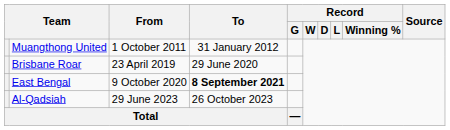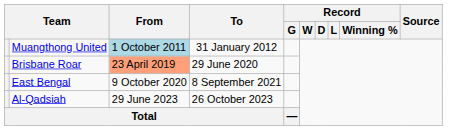 <table class="wikitable" style="text-align: center">
 <tr>
 <th rowspan="2" colspan="2">Team</th>
 <th rowspan="2">From</th>
 <th rowspan="2">To</th>
 <th colspan="5">Record</th>
 <th rowspan="2">Source</th>
 </tr>
 <tr>
 <th>G</th>
 <th>W</th>
 <th>D</th>
 <th>L</th>
 <th>Winning %</th>
 </tr>
 <tr>
 <th></th>
 <td align=left><a href='#'>Muangthong United</a></td>
-<td align=left>1 October 2011</td>
+<td align=left style="background: lightblue;">1 October 2011</td>
 <td algin=left>31 January 2012<br></td>
 <td></td>
 </tr>
 <tr>
 <th scope="col"></th>
 <td align=left><a href='#'>Brisbane Roar</a></td>
-<td align=left>23 April 2019</td>
+<td align=left style="background: lightsalmon;">23 April 2019</td>
 <td align=left>29 June 2020<br></td>
 <td></td>
 </tr>
 <tr>
 <th scope="col"></th>
 <td align=left><a href='#'>East Bengal</a></td>
 <td align=left>9 October 2020</td>
-<td align=left><strong>8 September 2021<br></strong></td>
+<td align=left>8 September 2021<br></td>
 <td></td>
 </tr>
 <tr>
 <th scope="col"></th>
 <td align=left><a href='#'>Al-Qadsiah</a></td>
 <td align=left>29 June 2023</td>
 <td align=left>26 October 2023<br></td>
 <td></td>
 </tr>
 <tr>
 <th colspan="4">Total<br></th>
 <th>—</th>
 </tr>
 </table>
